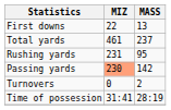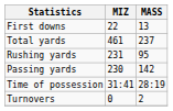 <table class="wikitable" style="float: left;">
 <tr>
 <th>Statistics</th>
 <th>MIZ</th>
 <th>MASS</th>
 </tr>
 <tr>
 <td>First downs</td>
 <td>22</td>
 <td>13</td>
 </tr>
 <tr>
 <td>Total yards</td>
 <td>461</td>
 <td>237</td>
 </tr>
 <tr>
 <td>Rushing yards</td>
 <td>231</td>
 <td>95</td>
 </tr>
 <tr>
 <td>Passing yards</td>
-<td style="background: lightsalmon;">230</td>
+<td>230</td>
 <td>142</td>
+</tr>
+<tr>
+<td>Time of possession</td>
+<td>31:41</td>
+<td>28:19</td>
 </tr>
 <tr>
 <td>Turnovers</td>
 <td>0</td>
 <td>2</td>
 </tr>
 <tr>
-<td>Time of possession</td>
-<td>31:41</td>
-<td>28:19</td>
-</tr>
-<tr>
 </tr>
 </table>
